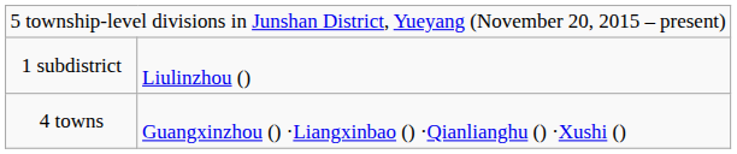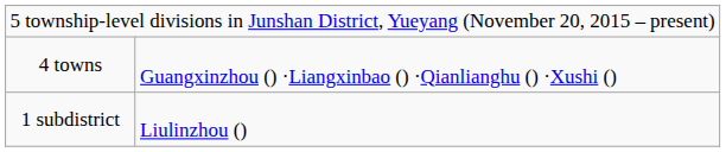 <table class="wikitable">
 <tr>
 <td style="text-align:center;" colspan="2">5 township-level divisions in <a href='#'>Junshan District</a>, <a href='#'>Yueyang</a> (November 20, 2015 – present)</td>
 </tr>
 <tr align=left>
+<td align=center>4 towns</td>
+<td><br><a href='#'>Guangxinzhou</a> () ·<a href='#'>Liangxinbao</a> () ·<a href='#'>Qianlianghu</a> () ·<a href='#'>Xushi</a> ()</td>
+</tr>
+<tr align=left>
 <td align=center>1  subdistrict</td>
 <td><br><a href='#'>Liulinzhou</a> ()</td>
 </tr>
-<tr align=left>
-<td align=center>4 towns</td>
-<td><br><a href='#'>Guangxinzhou</a> () ·<a href='#'>Liangxinbao</a> () ·<a href='#'>Qianlianghu</a> () ·<a href='#'>Xushi</a> ()</td>
-</tr>
 </table>
